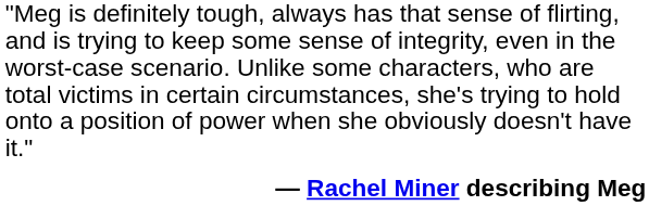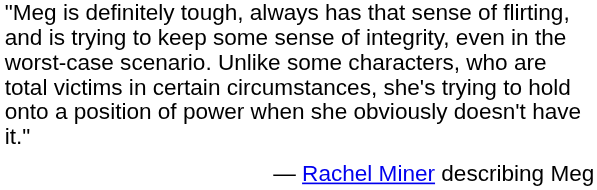 <table class="toccolours" style="float: right; margin-left: 1em; margin-right: 2em; font-size: 85%; width:27em; max-width: 40%;" cellspacing="5">
 <tr>
 <td style="text-align: left;">"Meg is definitely tough, always has that sense of flirting, and is trying to keep some sense of integrity, even in the worst-case scenario. Unlike some characters, who are total victims in certain circumstances, she's trying to hold onto a position of power when she obviously doesn't have it."</td>
 </tr>
 <tr>
-<td style="text-align: right;"><strong> — <a href='#'>Rachel Miner</a> describing Meg</strong></td>
+<td style="text-align: right;"> — <a href='#'>Rachel Miner</a> describing Meg</td>
 </tr>
 </table>
